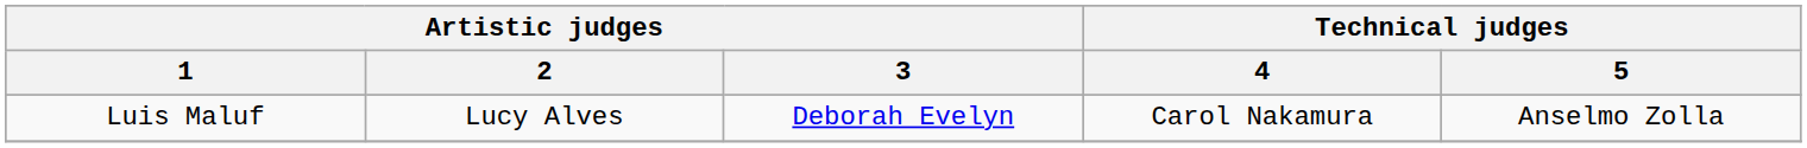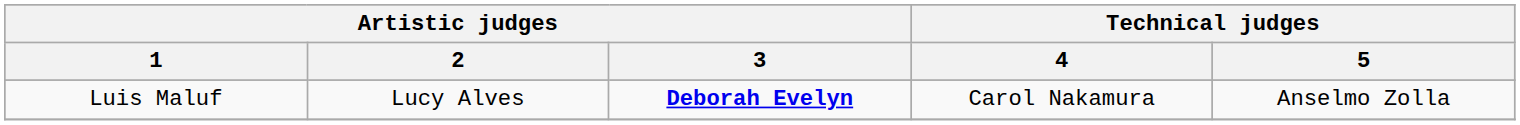 <table class="wikitable" style="font-size:100%; line-height:16px; text-align:center" width="100%">
 <tr>
 <th colspan=3>Artistic judges</th>
 <th colspan=2>Technical judges</th>
 </tr>
 <tr>
 <th width="20.0%">1</th>
 <th width="20.0%">2</th>
 <th width="20.0%">3</th>
 <th width="20.0%">4</th>
 <th width="20.0%">5</th>
 </tr>
 <tr>
 <td>Luis Maluf</td>
 <td>Lucy Alves</td>
-<td><a href='#'>Deborah Evelyn</a></td>
+<td><strong><a href='#'>Deborah Evelyn</a></strong></td>
 <td>Carol Nakamura</td>
 <td>Anselmo Zolla</td>
 </tr>
 <tr>
 </tr>
 </table>
